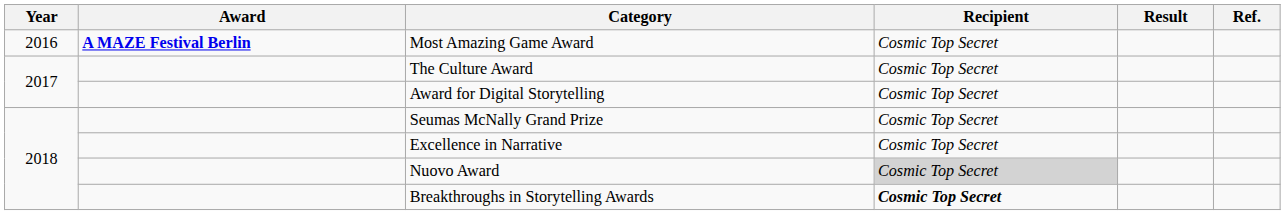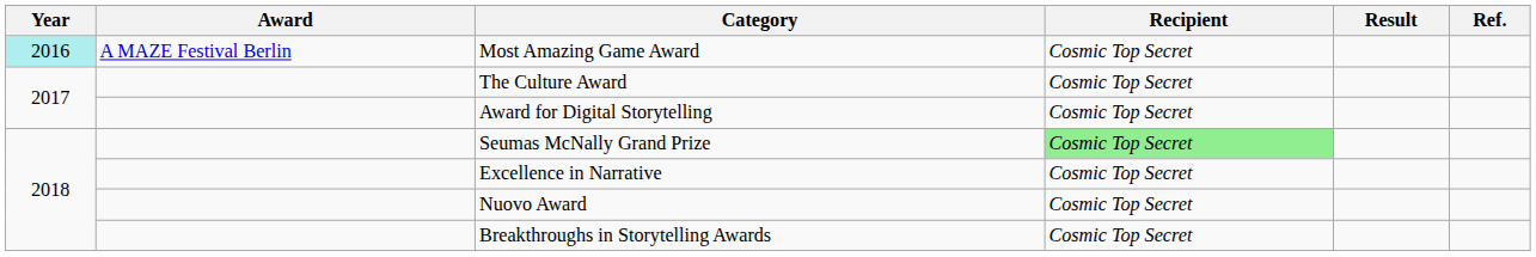 <table class="wikitable" style="width:100%;">
 <tr>
 <th>Year</th>
 <th>Award</th>
 <th>Category</th>
 <th>Recipient</th>
 <th>Result</th>
 <th class="unsortable">Ref.</th>
 </tr>
 <tr>
-<td rowspan="1" align="center">2016</td>
-<td rowspan="1"><strong><a href='#'>A MAZE Festival Berlin</a></strong></td>
+<td rowspan="1" align="center" style="background: paleturquoise;">2016</td>
+<td rowspan="1"><a href='#'>A MAZE Festival Berlin</a></td>
 <td>Most Amazing Game Award</td>
 <td><em>Cosmic Top Secret</em></td>
 <td></td>
 <td style="text-align:center;"></td>
 </tr>
 <tr>
 <td rowspan="2" align="center">2017</td>
 <td rowspan="1"></td>
 <td>The Culture Award</td>
 <td><em>Cosmic Top Secret</em></td>
 <td></td>
 <td style="text-align:center;"></td>
 </tr>
 <tr>
 <td rowspan="1"> </td>
 <td>Award for Digital Storytelling</td>
 <td><em>Cosmic Top Secret</em></td>
 <td></td>
 <td style="text-align:center;"></td>
 </tr>
 <tr>
 <td rowspan="4" align="center">2018</td>
 <td rowspan="1"></td>
 <td>Seumas McNally Grand Prize</td>
-<td><em>Cosmic Top Secret</em></td>
+<td style="background: lightgreen;"><em>Cosmic Top Secret</em></td>
 <td></td>
 <td style="text-align:center;"></td>
 </tr>
 <tr>
 <td rowspan="1"></td>
 <td>Excellence in Narrative</td>
 <td><em>Cosmic Top Secret</em></td>
 <td></td>
 <td style="text-align:center;"></td>
 </tr>
 <tr>
 <td rowspan="1"></td>
 <td>Nuovo Award</td>
-<td style="background: lightgrey;"><em>Cosmic Top Secret</em></td>
+<td><em>Cosmic Top Secret</em></td>
 <td></td>
 <td style="text-align:center;"></td>
 </tr>
 <tr>
 <td rowspan="1"></td>
 <td>Breakthroughs in Storytelling Awards</td>
-<td><strong><em>Cosmic Top Secret</em></strong></td>
+<td><em>Cosmic Top Secret</em></td>
 <td></td>
 <td style="text-align:center;"></td>
 </tr>
 </table>
